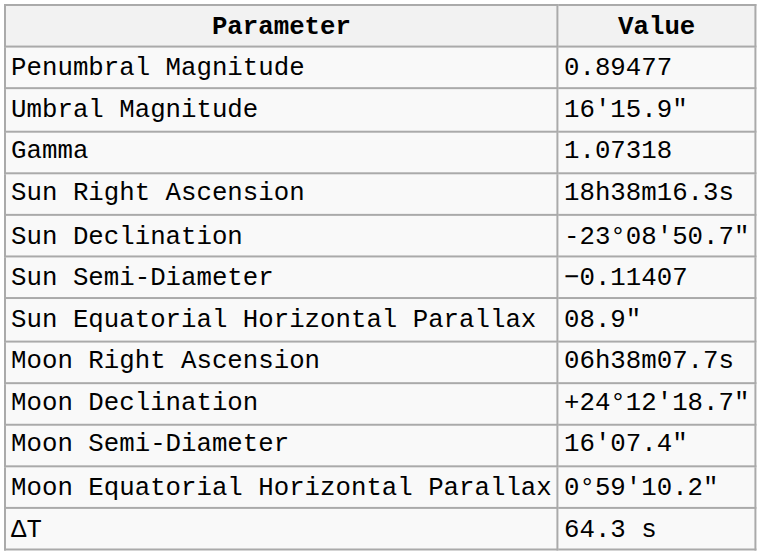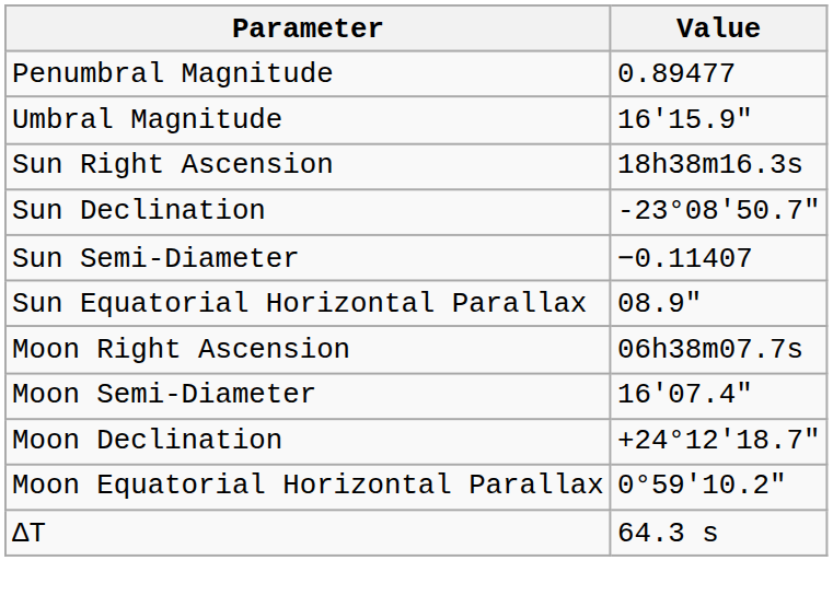 <table class="wikitable">
 <tr>
 <th>Parameter</th>
 <th>Value</th>
 </tr>
 <tr>
 <td>Penumbral Magnitude</td>
 <td>0.89477</td>
 </tr>
 <tr>
 <td>Umbral Magnitude</td>
 <td>16'15.9"</td>
-</tr>
-<tr>
-<td>Gamma</td>
-<td>1.07318</td>
 </tr>
 <tr>
 <td>Sun Right Ascension</td>
 <td>18h38m16.3s</td>
 </tr>
 <tr>
 <td>Sun Declination</td>
 <td>-23°08'50.7"</td>
 </tr>
 <tr>
 <td>Sun Semi-Diameter</td>
 <td>−0.11407</td>
 </tr>
 <tr>
 <td>Sun Equatorial Horizontal Parallax</td>
 <td>08.9"</td>
 </tr>
 <tr>
 <td>Moon Right Ascension</td>
 <td>06h38m07.7s</td>
 </tr>
 <tr>
+<td>Moon Semi-Diameter</td>
+<td>16'07.4"</td>
+</tr>
+<tr>
 <td>Moon Declination</td>
 <td>+24°12'18.7"</td>
-</tr>
-<tr>
-<td>Moon Semi-Diameter</td>
-<td>16'07.4"</td>
 </tr>
 <tr>
 <td>Moon Equatorial Horizontal Parallax</td>
 <td>0°59'10.2"</td>
 </tr>
 <tr>
 <td>ΔT</td>
 <td>64.3 s</td>
 </tr>
 </table>
